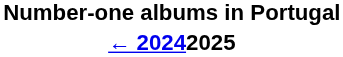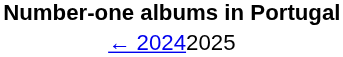 <table class="toc" id="toc" summary="Contents">
 <tr>
 <th>Number-one albums in Portugal</th>
 </tr>
 <tr>
-<td align="center"><strong><a href='#'>← 2024</a>2025</strong></td>
+<td align="center"><a href='#'>← 2024</a>2025</td>
 </tr>
 </table>
